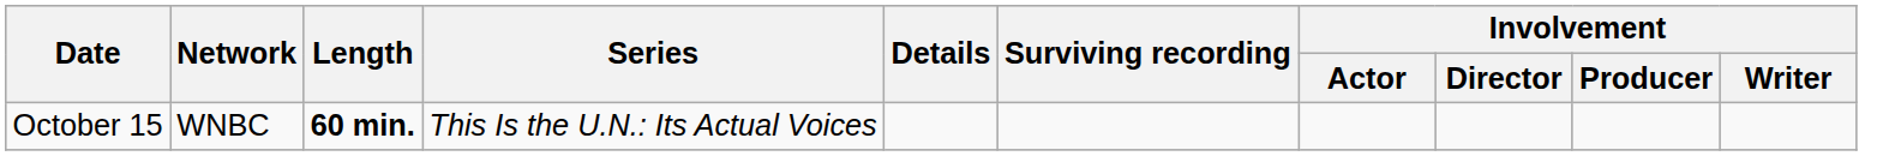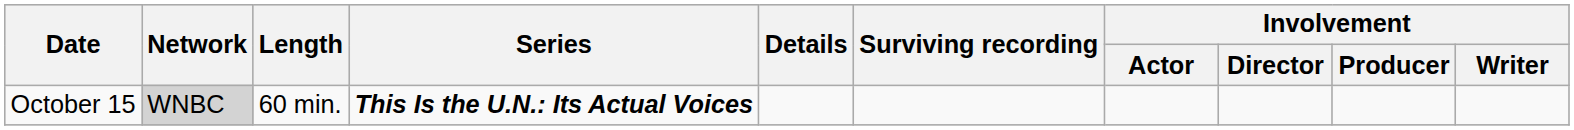 <table class="wikitable">
 <tr>
 <th rowspan="2" style="width:33px;">Date</th>
 <th rowspan="2">Network</th>
 <th rowspan="2">Length</th>
 <th rowspan="2">Series</th>
 <th rowspan="2">Details</th>
 <th rowspan="2">Surviving recording</th>
 <th colspan="4">Involvement</th>
 </tr>
 <tr>
 <th width=65>Actor</th>
 <th width=65>Director</th>
 <th width=65>Producer</th>
 <th width=65>Writer</th>
 </tr>
 <tr style="text-align:center;">
 <td style="text-align:left;">October 15</td>
-<td style="text-align:left;">WNBC</td>
-<td style="text-align:left;"><strong>60 min.</strong></td>
-<td style="text-align:left;"><em>This Is the U.N.: Its Actual Voices</em></td>
+<td style="background: lightgrey; text-align:left;">WNBC</td>
+<td style="text-align:left;">60 min.</td>
+<td style="text-align:left;"><strong><em>This Is the U.N.: Its Actual Voices</em></strong></td>
 <td style="text-align:left;"> </td>
 <td></td>
 <td></td>
 <td></td>
 <td></td>
 <td></td>
 </tr>
 </table>
